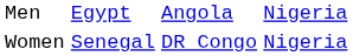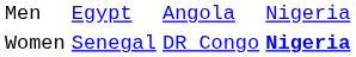 <table>
 <tr>
 <td>Men<br></td>
 <td> <a href='#'>Egypt</a><br></td>
 <td> <a href='#'>Angola</a><br></td>
 <td> <a href='#'>Nigeria</a><br></td>
 </tr>
 <tr>
 <td>Women<br></td>
 <td> <a href='#'>Senegal</a><br></td>
 <td> <a href='#'>DR Congo</a><br></td>
-<td> <a href='#'>Nigeria</a><br></td>
+<td><strong> <a href='#'>Nigeria</a><br></strong></td>
 </tr>
 </table>
